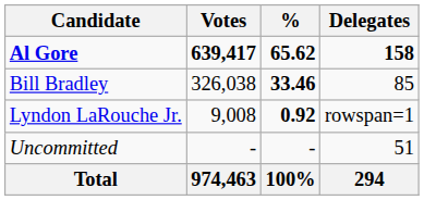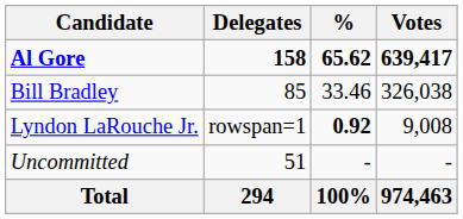 <table class="wikitable sortable" style="text-align:right;">
 <tr>
 <th>Candidate</th>
+<th>Delegates</th>
+<th>%</th>
 <th>Votes</th>
-<th>%</th>
-<th>Delegates</th>
 </tr>
 <tr>
 <td style="text-align:left;" data-sort-value="Gore, Al"><strong><a href='#'>Al Gore</a></strong></td>
+<td><strong>158</strong></td>
+<td><strong>65.62</strong></td>
 <td><strong>639,417</strong></td>
-<td><strong>65.62</strong></td>
-<td><strong>158</strong></td>
 </tr>
 <tr>
 <td style="text-align:left;" data-sort-value="Bradley, Bill"><a href='#'>Bill Bradley</a></td>
+<td>85</td>
+<td>33.46</td>
 <td>326,038</td>
-<td><strong>33.46</strong></td>
-<td>85</td>
 </tr>
 <tr>
 <td style="text-align:left;" data-sort-value="LaRouche Jr., Lyndon"><a href='#'>Lyndon LaRouche Jr.</a></td>
+<td>rowspan=1 </td>
+<td><strong>0.92</strong></td>
 <td>9,008</td>
-<td><strong>0.92</strong></td>
-<td>rowspan=1 </td>
 </tr>
 <tr>
 <td style="text-align:left;" data-sort-value="ZZZ"><em>Uncommitted</em></td>
+<td>51</td>
 <td>-</td>
 <td>-</td>
-<td>51</td>
 </tr>
 <tr>
 <th>Total</th>
+<th>294</th>
+<th>100%</th>
 <th>974,463</th>
-<th>100%</th>
-<th>294</th>
 </tr>
 </table>
